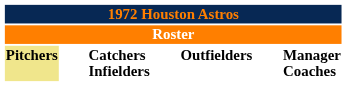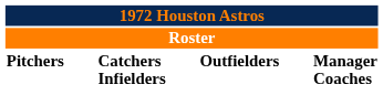 <table class="toccolours" style="text-align: left;">
 <tr>
 <th colspan="10" style="background-color: #072854; color: #FF7F00; text-align: center;">1972 Houston Astros</th>
 </tr>
 <tr>
 <td colspan="10" style="background-color: #FF7F00; color: white; text-align: center;"><strong>Roster</strong></td>
 </tr>
 <tr>
-<td valign="top" style="background: khaki;"><strong>Pitchers</strong><br>             </td>
+<td valign="top"><strong>Pitchers</strong><br>             </td>
 <td width="25px"></td>
 <td valign="top"><strong>Catchers</strong><br>     <strong>Infielders</strong>      </td>
 <td width="25px"></td>
 <td valign="top"><strong>Outfielders</strong><br>      </td>
 <td width="25px"></td>
 <td valign="top"><strong>Manager</strong><br>   <strong>Coaches</strong>    </td>
 </tr>
 </table>
